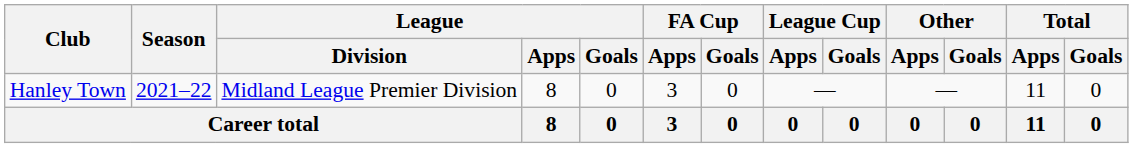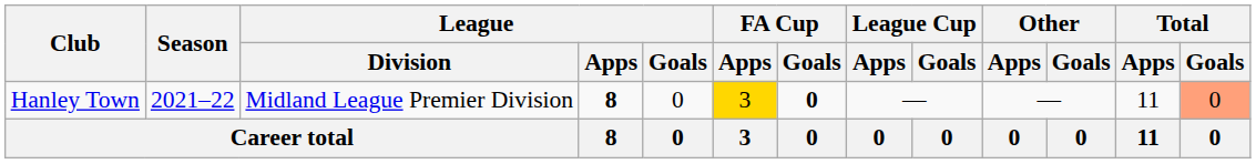 <table class="wikitable" style="text-align: center;">
 <tr>
 <th rowspan="2">Club</th>
 <th rowspan="2">Season</th>
 <th colspan="3">League</th>
 <th colspan="2">FA Cup</th>
 <th colspan="2">League Cup</th>
 <th colspan="2">Other</th>
 <th colspan="2">Total</th>
 </tr>
 <tr>
 <th>Division</th>
 <th>Apps</th>
 <th>Goals</th>
 <th>Apps</th>
 <th>Goals</th>
 <th>Apps</th>
 <th>Goals</th>
 <th>Apps</th>
 <th>Goals</th>
 <th>Apps</th>
 <th>Goals</th>
 </tr>
 <tr>
 <td><a href='#'>Hanley Town</a></td>
 <td><a href='#'>2021–22</a></td>
 <td><a href='#'>Midland League</a> Premier Division</td>
-<td>8</td>
+<td><strong>8</strong></td>
 <td>0</td>
-<td>3</td>
-<td>0</td>
+<td style="background: gold;">3</td>
+<td><strong>0</strong></td>
 <td colspan=2>—</td>
 <td colspan=2>—</td>
 <td>11</td>
-<td>0</td>
+<td style="background: lightsalmon;">0</td>
 </tr>
 <tr>
 <th colspan=3>Career total</th>
 <th>8</th>
 <th>0</th>
 <th>3</th>
 <th>0</th>
 <th>0</th>
 <th>0</th>
 <th>0</th>
 <th>0</th>
 <th>11</th>
 <th>0</th>
 </tr>
 </table>
